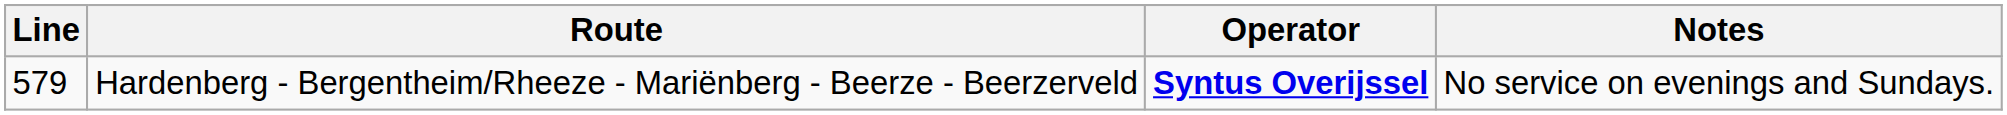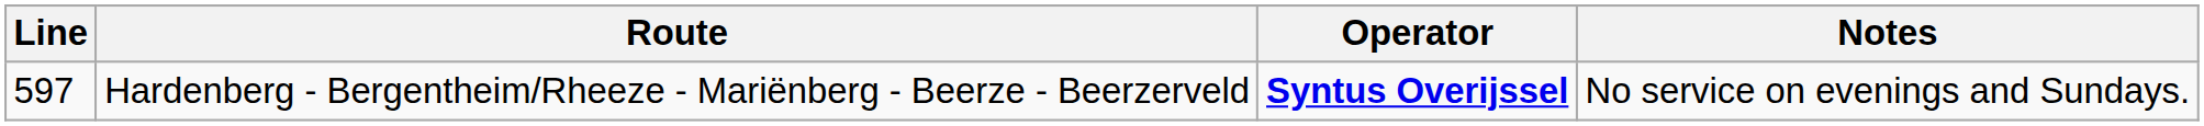 <table class="wikitable">
 <tr>
 <th>Line</th>
 <th>Route</th>
 <th>Operator</th>
 <th>Notes</th>
 </tr>
 <tr>
-<td>579</td>
+<td>597</td>
 <td>Hardenberg - Bergentheim/Rheeze - Mariënberg - Beerze - Beerzerveld</td>
 <td><strong><a href='#'>Syntus Overijssel</a></strong></td>
 <td>No service on evenings and Sundays.</td>
 </tr>
 </table>
